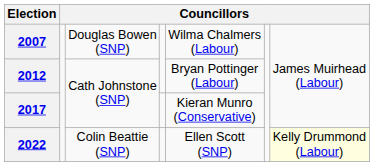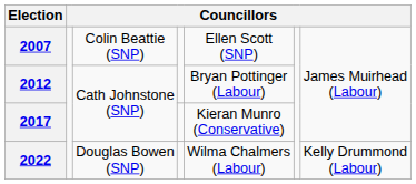 <table class="wikitable" style="text-align:center">
 <tr>
 <th>Election</th>
 <th colspan=8>Councillors</th>
 </tr>
 <tr>
 <th><a href='#'>2007</a></th>
 <td rowspan=4; style="background-color: "></td>
-<td rowspan=1>Douglas Bowen<br>(<a href='#'>SNP</a>)</td>
+<td rowspan=1>Colin Beattie<br>(<a href='#'>SNP</a>)</td>
 <td rowspan=2; style="background-color: "></td>
-<td rowspan=1>Wilma Chalmers<br>(<a href='#'>Labour</a>)</td>
+<td rowspan=1>Ellen Scott<br>(<a href='#'>SNP</a>)</td>
 <td rowspan=4; style="background-color: "></td>
 <td rowspan=3>James Muirhead<br>(<a href='#'>Labour</a>)</td>
 </tr>
 <tr>
 <th><a href='#'>2012</a></th>
 <td rowspan=2>Cath Johnstone<br>(<a href='#'>SNP</a>)</td>
 <td rowspan=1>Bryan Pottinger<br>(<a href='#'>Labour</a>)</td>
 </tr>
 <tr>
 <th><a href='#'>2017</a></th>
 <td rowspan=1; style="background-color: "></td>
 <td rowspan=1>Kieran Munro<br>(<a href='#'>Conservative</a>)</td>
 </tr>
 <tr>
 <th><a href='#'>2022</a></th>
-<td rowspan=1>Colin Beattie<br>(<a href='#'>SNP</a>)</td>
+<td rowspan=1>Douglas Bowen<br>(<a href='#'>SNP</a>)</td>
 <td rowspan=1; style="background-color: "></td>
-<td rowspan=1>Ellen Scott<br>(<a href='#'>SNP</a>)</td>
-<td rowspan=1 style="background: lightyellow;">Kelly Drummond<br>(<a href='#'>Labour</a>)</td>
+<td rowspan=1>Wilma Chalmers<br>(<a href='#'>Labour</a>)</td>
+<td rowspan=1>Kelly Drummond<br>(<a href='#'>Labour</a>)</td>
 </tr>
 </table>
